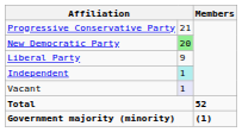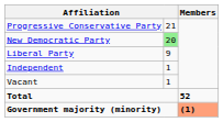 <table class="wikitable">
 <tr>
 <th colspan="2">Affiliation</th>
 <th>Members</th>
 </tr>
 <tr>
 <td align=left><a href='#'>Progressive Conservative Party</a></td>
 <td>21</td>
 </tr>
 <tr>
 <td align=left><a href='#'>New Democratic Party</a></td>
 <td style="background: lightgreen;">20</td>
 </tr>
 <tr>
 <td align=left><a href='#'>Liberal Party</a></td>
 <td>9</td>
 </tr>
 <tr>
 <td><a href='#'>Independent</a></td>
-<td style="background: paleturquoise;">1</td>
+<td>1</td>
 </tr>
 <tr>
 <td>Vacant</td>
-<td style="background: lavender;">1</td>
+<td>1</td>
 </tr>
 <tr>
 <td colspan="2" align=left><strong>Total</strong><br></td>
 <td><strong>52</strong></td>
 </tr>
 <tr>
 <td colspan="2" align=left><strong>Government majority (minority)</strong><br></td>
-<td><strong>(1)</strong></td>
+<td style="background: lightsalmon;"><strong>(1)</strong></td>
 </tr>
 </table>
